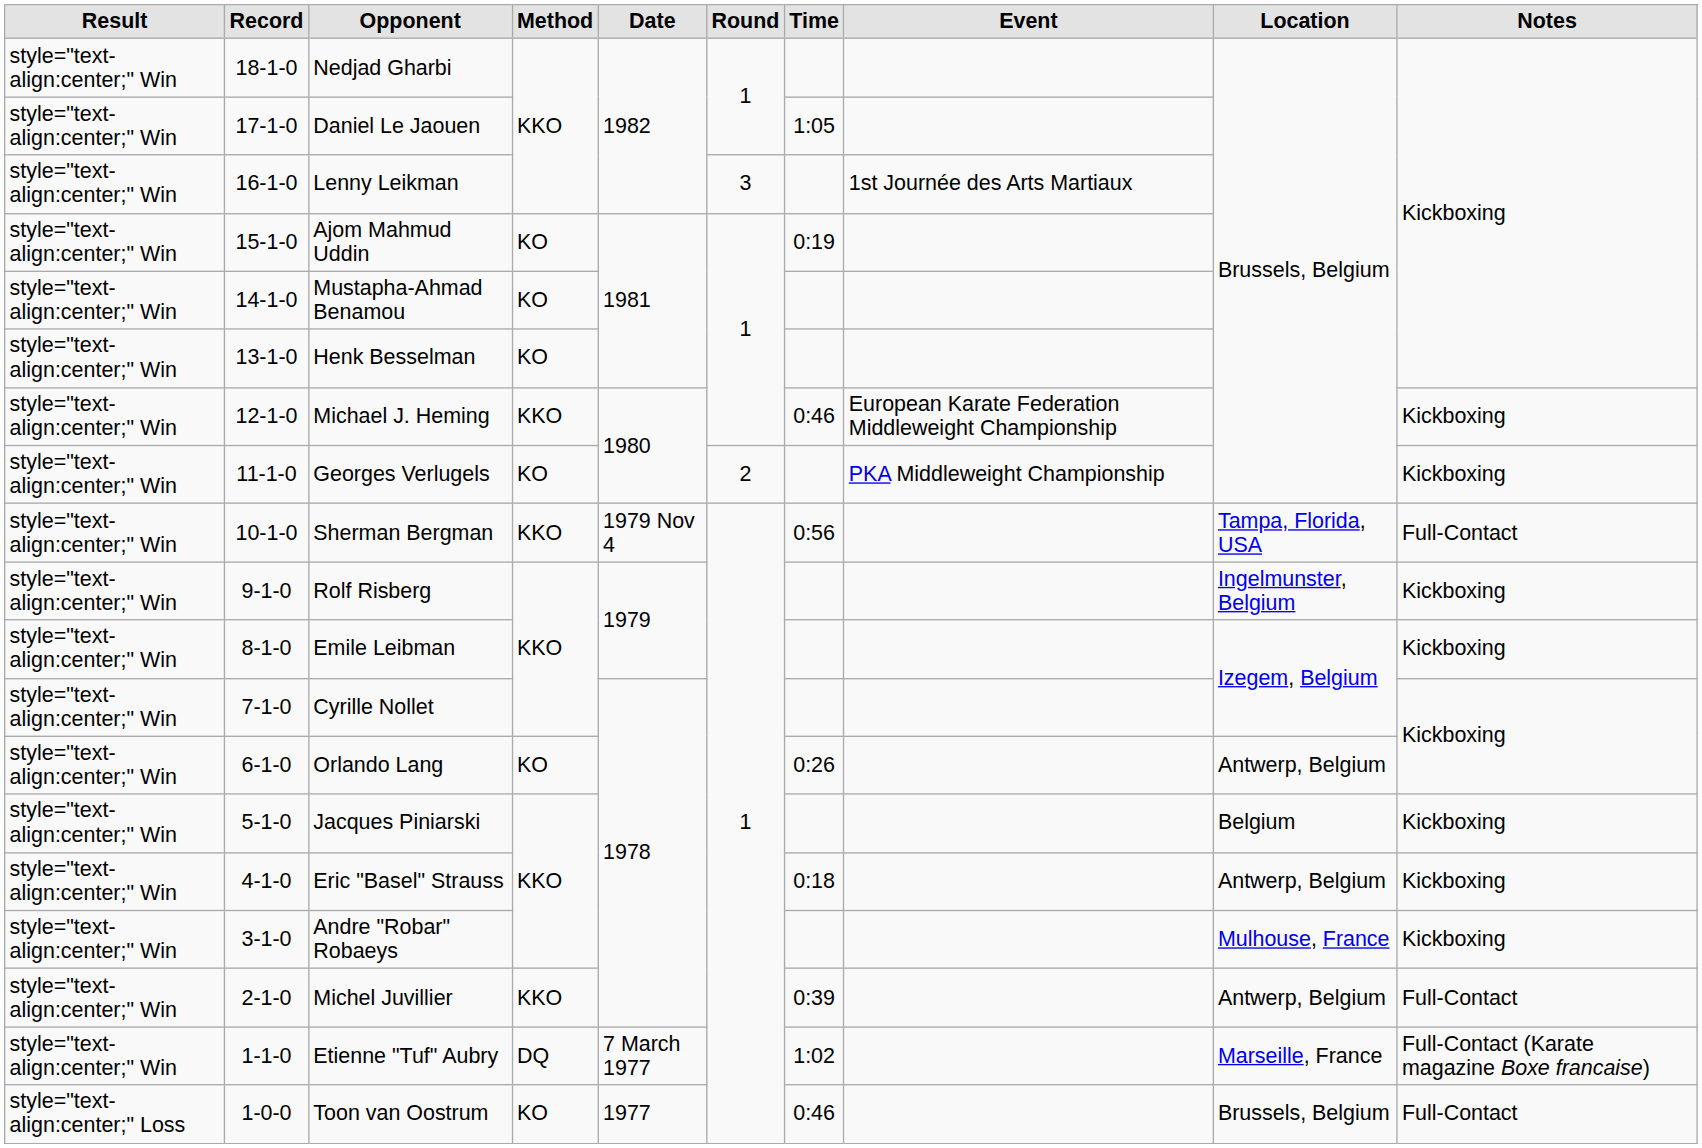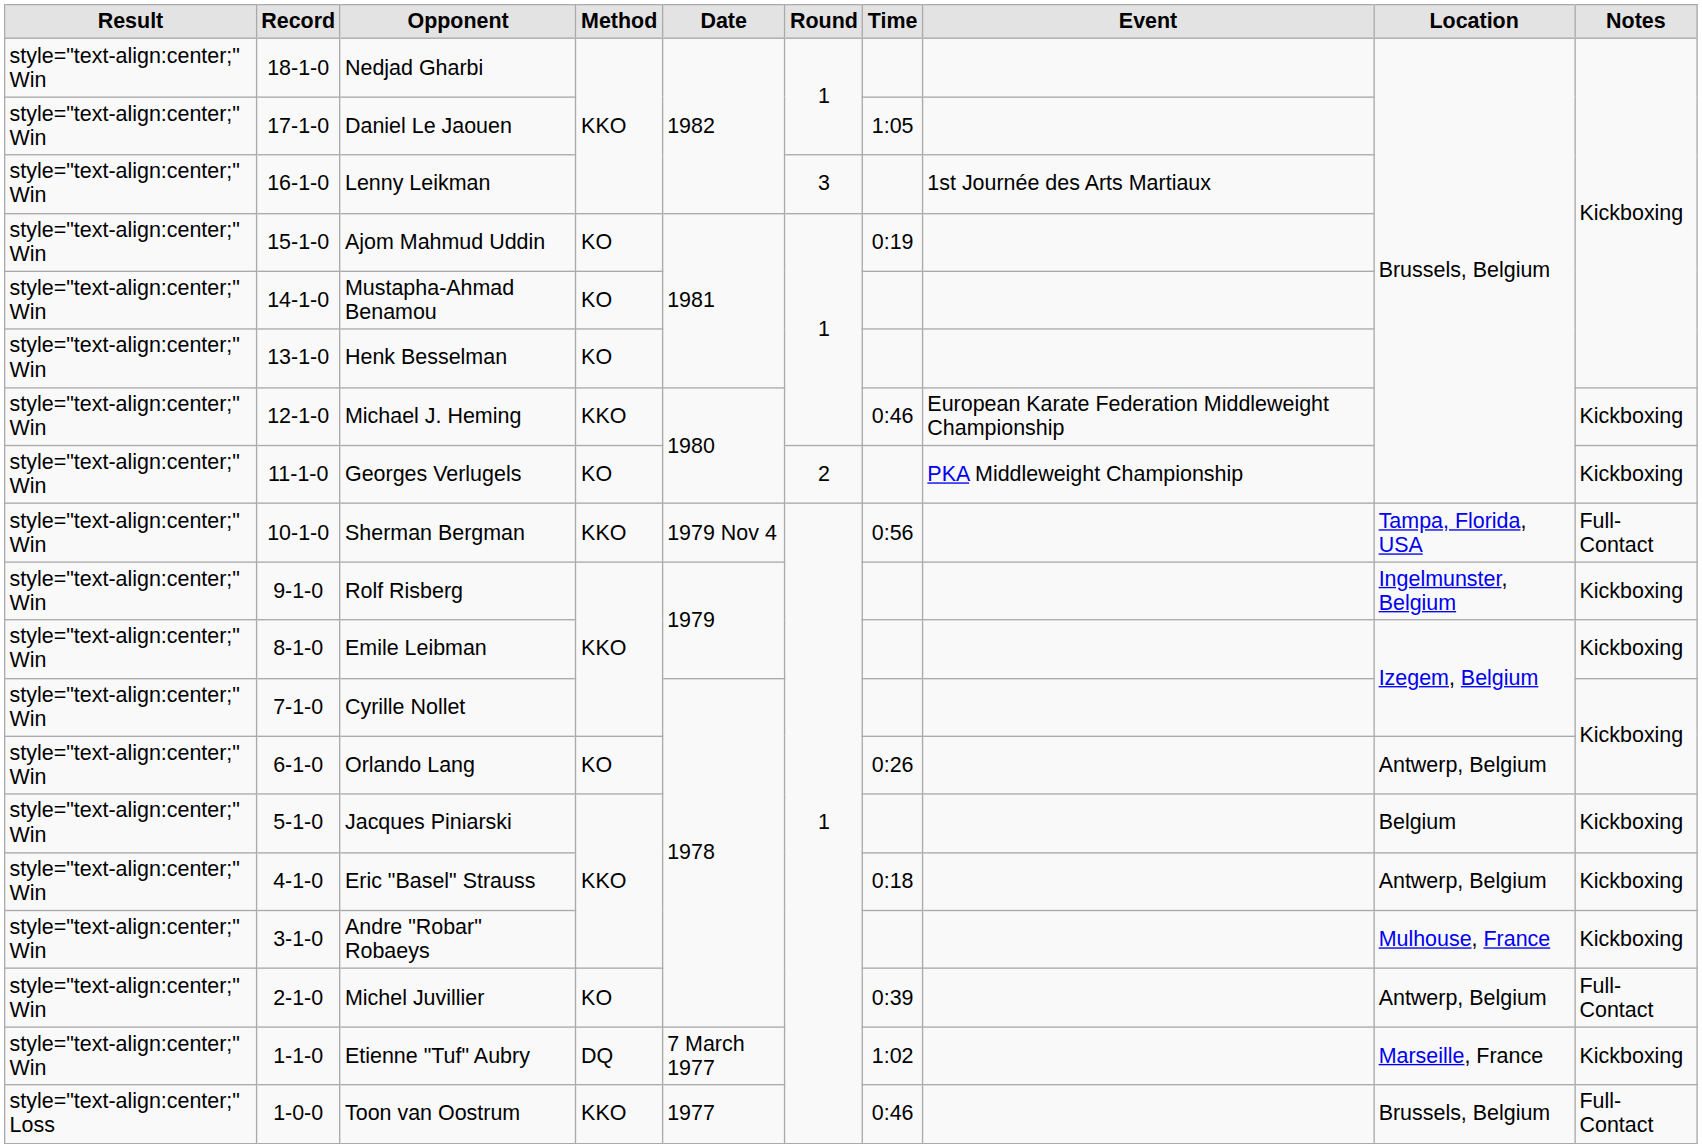 <table class="wikitable sortable" style="margin:0.5em auto; text-align:left; width:100%;">
 <tr>
 <th style="border-style:none none solid solid; background:#e3e3e3;">Result</th>
 <th style="border-style:none none solid solid; background:#e3e3e3;">Record</th>
 <th style="border-style:none none solid solid; background:#e3e3e3;">Opponent</th>
 <th style="border-style:none none solid solid; background:#e3e3e3;">Method</th>
 <th style="border-style:none none solid solid; background:#e3e3e3;">Date</th>
 <th style="border-style:none none solid solid; background:#e3e3e3;">Round</th>
 <th style="border-style:none none solid solid; background:#e3e3e3;">Time</th>
 <th style="border-style:none none solid solid; background:#e3e3e3;">Event</th>
 <th style="border-style:none none solid solid; background:#e3e3e3;">Location</th>
 <th style="border-style:none none solid solid; background:#e3e3e3;">Notes</th>
 </tr>
 <tr>
 <td>style="text-align:center;" Win</td>
 <td style="text-align:center;">18-1-0</td>
 <td align='left'> Nedjad Gharbi</td>
 <td rowspan="3" style="text-align:left;">KKO</td>
 <td rowspan="3" style="text-align:left;">1982</td>
 <td rowspan="2" style="text-align:center;">1</td>
 <td style="text-align:center;"></td>
 <td align='left'></td>
 <td rowspan="8">Brussels, Belgium</td>
 <td rowspan="6">Kickboxing</td>
 </tr>
 <tr>
 <td>style="text-align:center;" Win</td>
 <td style="text-align:center;">17-1-0</td>
 <td align='left'> Daniel Le Jaouen</td>
 <td style="text-align:center;">1:05</td>
 <td align='left'></td>
 </tr>
 <tr>
 <td>style="text-align:center;" Win</td>
 <td style="text-align:center;">16-1-0</td>
 <td align='left'> Lenny Leikman</td>
 <td style="text-align:center;">3</td>
 <td style="text-align:center;"></td>
 <td align='left'>1st Journée des Arts Martiaux</td>
 </tr>
 <tr>
 <td>style="text-align:center;" Win</td>
 <td style="text-align:center;">15-1-0</td>
 <td align='left'> Ajom Mahmud Uddin</td>
 <td align='left'>KO</td>
 <td rowspan="3" style="text-align:left;">1981</td>
 <td rowspan="4" style="text-align:center;">1</td>
 <td style="text-align:center;">0:19</td>
 <td align='left'></td>
 </tr>
 <tr>
 <td>style="text-align:center;" Win</td>
 <td style="text-align:center;">14-1-0</td>
 <td align='left'> Mustapha-Ahmad Benamou</td>
 <td align='left'>KO</td>
 <td style="text-align:center;"></td>
 <td align='left'></td>
 </tr>
 <tr>
 <td>style="text-align:center;" Win</td>
 <td style="text-align:center;">13-1-0</td>
 <td align='left'> Henk Besselman</td>
 <td align='left'>KO</td>
 <td style="text-align:center;"></td>
 <td align='left'></td>
 </tr>
 <tr>
 <td>style="text-align:center;" Win</td>
 <td style="text-align:center;">12-1-0</td>
 <td align='left'> Michael J. Heming</td>
 <td align='left'>KKO</td>
 <td rowspan="2" style="text-align:left;">1980</td>
 <td style="text-align:center;">0:46</td>
 <td align='left'>European Karate Federation Middleweight Championship</td>
 <td>Kickboxing </td>
 </tr>
 <tr>
 <td>style="text-align:center;" Win</td>
 <td style="text-align:center;">11-1-0</td>
 <td align='left'> Georges Verlugels</td>
 <td align='left'>KO</td>
 <td style="text-align:center;">2</td>
 <td style="text-align:center;"></td>
 <td align='left'><a href='#'>PKA</a> Middleweight Championship</td>
 <td>Kickboxing</td>
 </tr>
 <tr>
 <td>style="text-align:center;" Win</td>
 <td style="text-align:center;">10-1-0</td>
 <td align='left'> Sherman Bergman</td>
 <td align='left'>KKO</td>
 <td align='left'>1979 Nov 4</td>
 <td rowspan="11" style="text-align:center;">1</td>
 <td style="text-align:center;">0:56</td>
 <td align='left'></td>
 <td><a href='#'>Tampa, Florida</a>, <a href='#'>USA</a></td>
 <td>Full-Contact</td>
 </tr>
 <tr>
 <td>style="text-align:center;" Win</td>
 <td style="text-align:center;">9-1-0</td>
 <td align='left'> Rolf Risberg</td>
 <td rowspan="3" style="text-align:left;">KKO</td>
 <td rowspan="2" style="text-align:left;">1979</td>
 <td style="text-align:center;"></td>
 <td align='left'></td>
 <td><a href='#'>Ingelmunster</a>, <a href='#'>Belgium</a></td>
 <td>Kickboxing </td>
 </tr>
 <tr>
 <td>style="text-align:center;" Win</td>
 <td style="text-align:center;">8-1-0</td>
 <td align='left'> Emile Leibman</td>
 <td style="text-align:center;"></td>
 <td align='left'></td>
 <td rowspan="2"><a href='#'>Izegem</a>, <a href='#'>Belgium</a></td>
 <td>Kickboxing </td>
 </tr>
 <tr>
 <td>style="text-align:center;" Win</td>
 <td style="text-align:center;">7-1-0</td>
 <td align='left'> Cyrille Nollet</td>
 <td rowspan="6" style="text-align:left;">1978</td>
 <td style="text-align:center;"></td>
 <td align='left'></td>
 <td rowspan="2">Kickboxing</td>
 </tr>
 <tr>
 <td>style="text-align:center;" Win</td>
 <td style="text-align:center;">6-1-0</td>
 <td align='left'> Orlando Lang</td>
 <td align='left'>KO</td>
 <td style="text-align:center;">0:26</td>
 <td align='left'></td>
 <td>Antwerp, Belgium</td>
 </tr>
 <tr>
 <td>style="text-align:center;" Win</td>
 <td style="text-align:center;">5-1-0</td>
 <td align='left'> Jacques Piniarski</td>
 <td rowspan="3" style="text-align:left;">KKO</td>
 <td style="text-align:center;"></td>
 <td align='left'></td>
 <td>Belgium</td>
 <td>Kickboxing </td>
 </tr>
 <tr>
 <td>style="text-align:center;" Win</td>
 <td style="text-align:center;">4-1-0</td>
 <td align='left'> Eric "Basel" Strauss</td>
 <td style="text-align:center;">0:18</td>
 <td align='left'></td>
 <td>Antwerp, Belgium</td>
 <td>Kickboxing </td>
 </tr>
 <tr>
 <td>style="text-align:center;" Win</td>
 <td style="text-align:center;">3-1-0</td>
 <td align='left'> Andre "Robar" Robaeys</td>
 <td style="text-align:center;"></td>
 <td align='left'></td>
 <td><a href='#'>Mulhouse</a>, <a href='#'>France</a></td>
 <td>Kickboxing </td>
 </tr>
 <tr>
 <td>style="text-align:center;" Win</td>
 <td style="text-align:center;">2-1-0</td>
 <td align='left'> Michel Juvillier</td>
-<td align='left'>KKO</td>
+<td align='left'>KO</td>
 <td style="text-align:center;">0:39</td>
 <td align='left'></td>
 <td>Antwerp, Belgium</td>
 <td>Full-Contact </td>
 </tr>
 <tr>
 <td>style="text-align:center;" Win</td>
 <td style="text-align:center;">1-1-0</td>
 <td align='left'> Etienne "Tuf" Aubry</td>
 <td align='left'>DQ</td>
 <td align='left'>7 March 1977</td>
 <td style="text-align:center;">1:02</td>
 <td align='left'></td>
 <td><a href='#'>Marseille</a>, France</td>
-<td>Full-Contact (Karate magazine <em>Boxe francaise</em>)</td>
+<td>Kickboxing </td>
 </tr>
 <tr>
 <td>style="text-align:center;" Loss</td>
 <td style="text-align:center;">1-0-0</td>
 <td align='left'> Toon van Oostrum</td>
-<td align='left'>KO</td>
+<td align='left'>KKO</td>
 <td align='left'>1977</td>
 <td style="text-align:center;">0:46</td>
 <td align='left'></td>
 <td>Brussels, Belgium</td>
 <td>Full-Contact </td>
 </tr>
 </table>
